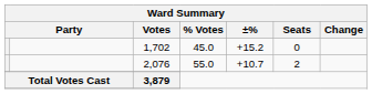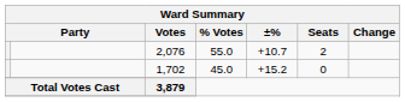 <table class="wikitable" style="font-size: 95%;">
 <tr style="background-color:#E9E9E9">
 <th colspan="7">Ward Summary</th>
 </tr>
 <tr style="background-color:#E9E9E9">
 <th colspan="2">Party</th>
 <th style="width: 60px">Votes</th>
 <th style="width: 60px">% Votes</th>
 <th style="width: 60px">±%</th>
 <th style="width: 60px">Seats</th>
 <th style="width: 60px">Change</th>
 </tr>
 <tr>
 <th style="background-color: "></th>
 <td style="width: 170px"><a href='#'></a></td>
-<td align="center">1,702</td>
-<td align="center">45.0</td>
-<td align="center">+15.2</td>
-<td align="center">0</td>
+<td align="center">2,076</td>
+<td align="center">55.0</td>
+<td align="center">+10.7</td>
+<td align="center">2</td>
 <td align="center"></td>
 </tr>
 <tr>
 <th style="background-color: "></th>
 <td style="width: 170px"><a href='#'></a></td>
-<td align="center">2,076</td>
-<td align="center">55.0</td>
-<td align="center">+10.7</td>
-<td align="center">2</td>
+<td align="center">1,702</td>
+<td align="center">45.0</td>
+<td align="center">+15.2</td>
+<td align="center">0</td>
 <td align="center"></td>
 </tr>
 <tr>
 </tr>
 <tr style="background-color:#E9E9E9">
 <th colspan="2">Total Votes Cast</th>
 <th style="width: 60px">3,879</th>
 </tr>
 <tr style="background-color:#E9E9E9">
 </tr>
 </table>
